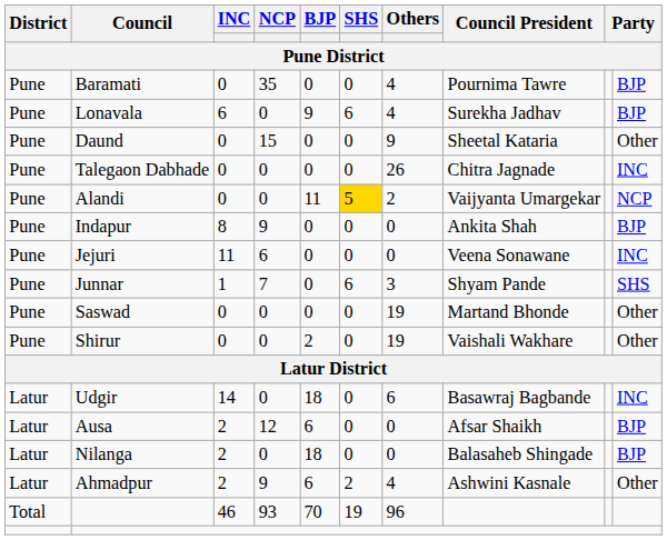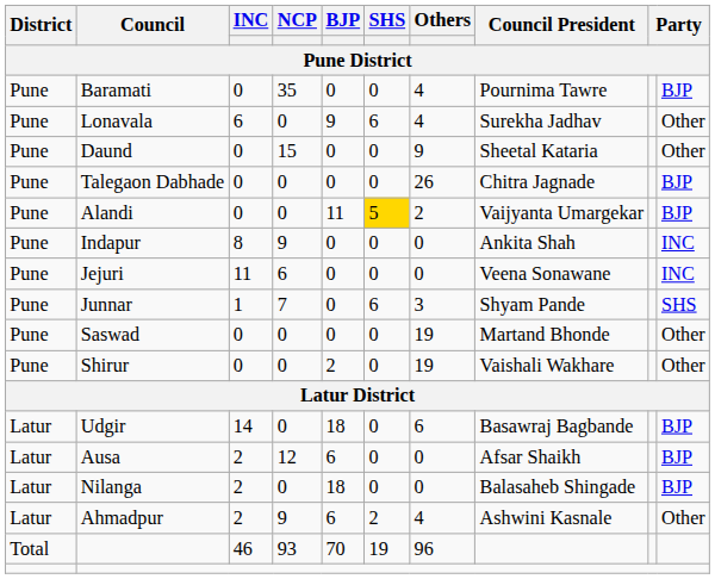 <table class="wikitable sortable">
 <tr>
 <th rowspan="2">District</th>
 <th rowspan="2">Council</th>
 <th><a href='#'>INC</a></th>
 <th><a href='#'>NCP</a></th>
 <th><a href='#'>BJP</a></th>
 <th><a href='#'>SHS</a></th>
 <th>Others</th>
 <th rowspan="2">Council President</th>
 <th colspan="2" rowspan="2">Party</th>
 </tr>
 <tr>
 <th></th>
 <th></th>
 <th></th>
 <th></th>
 <th></th>
 </tr>
 <tr>
 <th colspan="10">Pune District</th>
 </tr>
 <tr>
 <td>Pune</td>
 <td>Baramati</td>
 <td>0</td>
 <td>35</td>
 <td>0</td>
 <td>0</td>
 <td>4</td>
 <td>Pournima Tawre</td>
 <td style="background-color: "></td>
 <td><a href='#'>BJP</a></td>
 </tr>
 <tr>
 <td>Pune</td>
 <td>Lonavala</td>
 <td>6</td>
 <td>0</td>
 <td>9</td>
 <td>6</td>
 <td>4</td>
 <td>Surekha Jadhav</td>
 <td style="background-color:"></td>
-<td><a href='#'>BJP</a></td>
+<td>Other</td>
 </tr>
 <tr>
 <td>Pune</td>
 <td>Daund</td>
 <td>0</td>
 <td>15</td>
 <td>0</td>
 <td>0</td>
 <td>9</td>
 <td>Sheetal Kataria</td>
 <td></td>
 <td>Other</td>
 </tr>
 <tr>
 <td>Pune</td>
 <td>Talegaon Dabhade</td>
 <td>0</td>
 <td>0</td>
 <td>0</td>
 <td>0</td>
 <td>26</td>
 <td>Chitra Jagnade</td>
 <td style="background-color:"></td>
-<td><a href='#'>INC</a></td>
+<td><a href='#'>BJP</a></td>
 </tr>
 <tr>
 <td>Pune</td>
 <td>Alandi</td>
 <td>0</td>
 <td>0</td>
 <td>11</td>
 <td style="background: gold;">5</td>
 <td>2</td>
 <td>Vaijyanta Umargekar</td>
 <td style="background-color:"></td>
-<td><a href='#'>NCP</a></td>
+<td><a href='#'>BJP</a></td>
 </tr>
 <tr>
 <td>Pune</td>
 <td>Indapur</td>
 <td>8</td>
 <td>9</td>
 <td>0</td>
 <td>0</td>
 <td>0</td>
 <td>Ankita Shah</td>
 <td style="background-color: "></td>
-<td><a href='#'>BJP</a></td>
+<td><a href='#'>INC</a></td>
 </tr>
 <tr>
 <td>Pune</td>
 <td>Jejuri</td>
 <td>11</td>
 <td>6</td>
 <td>0</td>
 <td>0</td>
 <td>0</td>
 <td>Veena Sonawane</td>
 <td style="background-color: "></td>
 <td><a href='#'>INC</a></td>
 </tr>
 <tr>
 <td>Pune</td>
 <td>Junnar</td>
 <td>1</td>
 <td>7</td>
 <td>0</td>
 <td>6</td>
 <td>3</td>
 <td>Shyam Pande</td>
 <td style="background-color: "></td>
 <td><a href='#'>SHS</a></td>
 </tr>
 <tr>
 <td>Pune</td>
 <td>Saswad</td>
 <td>0</td>
 <td>0</td>
 <td>0</td>
 <td>0</td>
 <td>19</td>
 <td>Martand Bhonde</td>
 <td></td>
 <td>Other</td>
 </tr>
 <tr>
 <td>Pune</td>
 <td>Shirur</td>
 <td>0</td>
 <td>0</td>
 <td>2</td>
 <td>0</td>
 <td>19</td>
 <td>Vaishali Wakhare</td>
 <td></td>
 <td>Other</td>
 </tr>
 <tr>
 <th colspan="10">Latur District</th>
 </tr>
 <tr>
 <td>Latur</td>
 <td>Udgir</td>
 <td>14</td>
 <td>0</td>
 <td>18</td>
 <td>0</td>
 <td>6</td>
 <td>Basawraj Bagbande</td>
 <td style="background-color:"></td>
-<td><a href='#'>INC</a></td>
+<td><a href='#'>BJP</a></td>
 </tr>
 <tr>
 <td>Latur</td>
 <td>Ausa</td>
 <td>2</td>
 <td>12</td>
 <td>6</td>
 <td>0</td>
 <td>0</td>
 <td>Afsar Shaikh</td>
 <td style="background-color: "></td>
 <td><a href='#'>BJP</a></td>
 </tr>
 <tr>
 <td>Latur</td>
 <td>Nilanga</td>
 <td>2</td>
 <td>0</td>
 <td>18</td>
 <td>0</td>
 <td>0</td>
 <td>Balasaheb Shingade</td>
 <td style="background-color:"></td>
 <td><a href='#'>BJP</a></td>
 </tr>
 <tr>
 <td>Latur</td>
 <td>Ahmadpur</td>
 <td>2</td>
 <td>9</td>
 <td>6</td>
 <td>2</td>
 <td>4</td>
 <td>Ashwini Kasnale</td>
 <td></td>
 <td>Other</td>
 </tr>
 <tr>
 <td>Total</td>
 <td></td>
 <td>46</td>
 <td>93</td>
 <td>70</td>
 <td>19</td>
 <td>96</td>
 <td></td>
 <td></td>
 <td></td>
 </tr>
 <tr>
 <td></td>
 </tr>
 </table>
